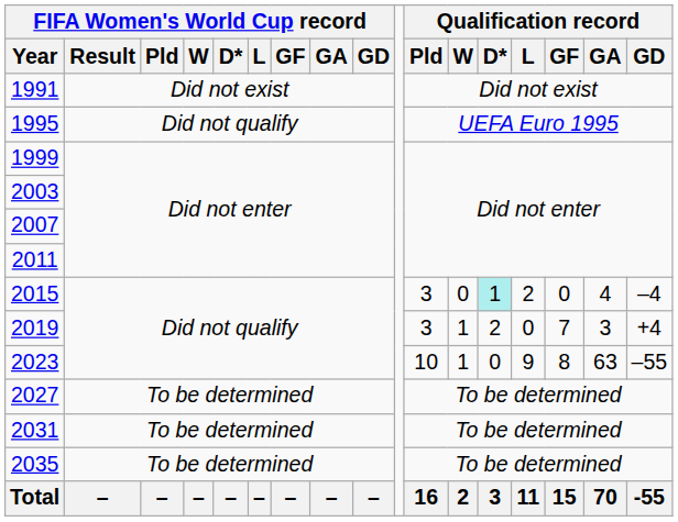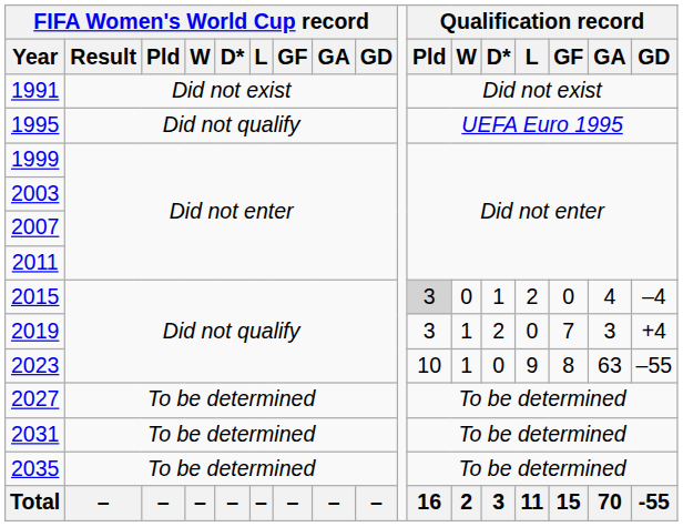 <table class="wikitable" style="text-align: center;">
 <tr>
 <th colspan=9><a href='#'>FIFA Women's World Cup</a> record</th>
 <td rowspan=100></td>
 <th colspan=7>Qualification record</th>
 </tr>
 <tr>
 <th>Year</th>
 <th>Result</th>
 <th>Pld</th>
 <th>W</th>
 <th>D*</th>
 <th>L</th>
 <th>GF</th>
 <th>GA</th>
 <th>GD<br></th>
 <th>Pld</th>
 <th>W</th>
 <th>D*</th>
 <th>L</th>
 <th>GF</th>
 <th>GA</th>
 <th>GD</th>
 </tr>
 <tr>
 <td> <a href='#'>1991</a></td>
 <td colspan=8><em>Did not exist</em></td>
 <td colspan=7><em>Did not exist</em></td>
 </tr>
 <tr>
 <td> <a href='#'>1995</a></td>
 <td colspan=8><em>Did not qualify</em></td>
 <td colspan=7><em><a href='#'>UEFA Euro 1995</a></em></td>
 </tr>
 <tr>
 <td> <a href='#'>1999</a></td>
 <td colspan=8 rowspan=4><em>Did not enter</em></td>
 <td colspan=7 rowspan=4><em>Did not enter</em></td>
 </tr>
 <tr>
 <td> <a href='#'>2003</a></td>
 </tr>
 <tr>
 <td> <a href='#'>2007</a></td>
 </tr>
 <tr>
 <td> <a href='#'>2011</a></td>
 </tr>
 <tr>
 <td> <a href='#'>2015</a></td>
 <td colspan=8 rowspan=3><em>Did not qualify</em></td>
-<td>3</td>
+<td style="background: lightgrey;">3</td>
 <td>0</td>
-<td style="background: paleturquoise;">1</td>
+<td>1</td>
 <td>2</td>
 <td>0</td>
 <td>4</td>
 <td>–4</td>
 </tr>
 <tr>
 <td> <a href='#'>2019</a></td>
 <td>3</td>
 <td>1</td>
 <td>2</td>
 <td>0</td>
 <td>7</td>
 <td>3</td>
 <td>+4</td>
 </tr>
 <tr>
 <td> <a href='#'>2023</a></td>
 <td>10</td>
 <td>1</td>
 <td>0</td>
 <td>9</td>
 <td>8</td>
 <td>63</td>
 <td>–55</td>
 </tr>
 <tr>
 <td> <a href='#'>2027</a></td>
 <td colspan=8><em>To be determined</em></td>
 <td colspan=7><em>To be determined</em></td>
 </tr>
 <tr>
 <td> <a href='#'>2031</a></td>
 <td colspan=8><em>To be determined</em></td>
 <td colspan=7><em>To be determined</em></td>
 </tr>
 <tr>
 <td> <a href='#'>2035</a></td>
 <td colspan=8><em>To be determined</em></td>
 <td colspan=7><em>To be determined</em></td>
 </tr>
 <tr>
 <th>Total</th>
 <th>–</th>
 <th>–</th>
 <th>–</th>
 <th>–</th>
 <th>–</th>
 <th>–</th>
 <th>–</th>
 <th>–</th>
 <th>16</th>
 <th>2</th>
 <th>3</th>
 <th>11</th>
 <th>15</th>
 <th>70</th>
 <th>-55</th>
 </tr>
 </table>
